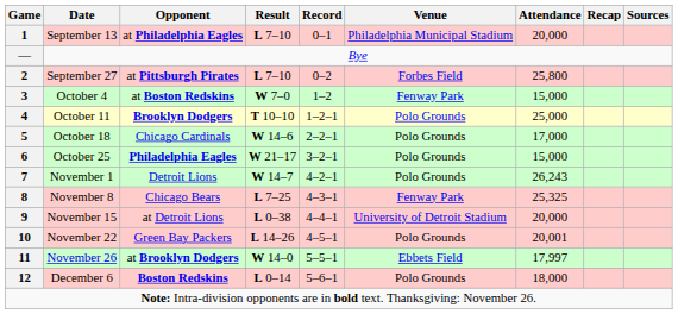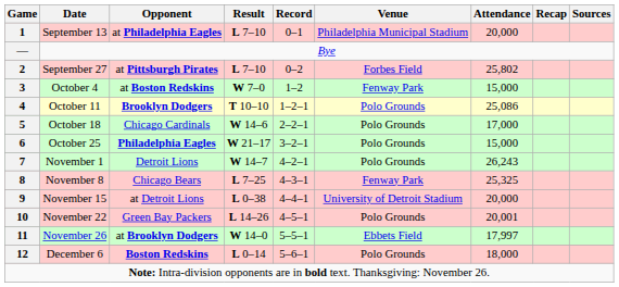 <table class="wikitable" style="text-align:center">
 <tr>
 <th>Game</th>
 <th>Date</th>
 <th>Opponent</th>
 <th>Result</th>
 <th>Record</th>
 <th>Venue</th>
 <th>Attendance</th>
 <th>Recap</th>
 <th>Sources</th>
 </tr>
 <tr style="background:#fcc">
 <th>1</th>
 <td>September 13</td>
 <td>at <strong><a href='#'>Philadelphia Eagles</a></strong></td>
 <td><strong>L</strong> 7–10</td>
 <td>0–1</td>
 <td><a href='#'>Philadelphia Municipal Stadium</a></td>
 <td>20,000</td>
 <td></td>
 <td></td>
 </tr>
 <tr>
 <th>—</th>
 <td colspan="8"><em><a href='#'>Bye</a></em></td>
 </tr>
 <tr style="background:#fcc">
 <th>2</th>
 <td>September 27</td>
 <td>at <strong><a href='#'>Pittsburgh Pirates</a></strong></td>
 <td><strong>L</strong> 7–10</td>
 <td>0–2</td>
 <td><a href='#'>Forbes Field</a></td>
-<td>25,800</td>
+<td>25,802</td>
 <td></td>
 <td></td>
 </tr>
 <tr style="background:#cfc">
 <th>3</th>
 <td>October 4</td>
 <td>at <strong><a href='#'>Boston Redskins</a></strong></td>
 <td><strong>W</strong> 7–0</td>
 <td>1–2</td>
 <td><a href='#'>Fenway Park</a></td>
 <td>15,000</td>
 <td></td>
 <td></td>
 </tr>
 <tr style="background:#ffc">
 <th>4</th>
 <td>October 11</td>
 <td><strong><a href='#'>Brooklyn Dodgers</a></strong></td>
 <td><strong>T</strong> 10–10</td>
 <td>1–2–1</td>
 <td><a href='#'>Polo Grounds</a></td>
-<td>25,000</td>
+<td>25,086</td>
 <td></td>
 <td></td>
 </tr>
 <tr style="background:#cfc">
 <th>5</th>
 <td>October 18</td>
 <td><a href='#'>Chicago Cardinals</a></td>
 <td><strong>W</strong> 14–6</td>
 <td>2–2–1</td>
 <td>Polo Grounds</td>
 <td>17,000</td>
 <td></td>
 <td></td>
 </tr>
 <tr style="background:#cfc">
 <th>6</th>
 <td>October 25</td>
 <td><strong><a href='#'>Philadelphia Eagles</a></strong></td>
 <td><strong>W</strong> 21–17</td>
 <td>3–2–1</td>
 <td>Polo Grounds</td>
 <td>15,000</td>
 <td></td>
 <td></td>
 </tr>
 <tr style="background:#cfc">
 <th>7</th>
 <td>November 1</td>
 <td><a href='#'>Detroit Lions</a></td>
 <td><strong>W</strong> 14–7</td>
 <td>4–2–1</td>
 <td>Polo Grounds</td>
 <td>26,243</td>
 <td></td>
 <td></td>
 </tr>
 <tr style="background:#fcc">
 <th>8</th>
 <td>November 8</td>
 <td><a href='#'>Chicago Bears</a></td>
 <td><strong>L</strong> 7–25</td>
 <td>4–3–1</td>
 <td><a href='#'>Fenway Park</a></td>
 <td>25,325</td>
 <td></td>
 <td></td>
 </tr>
 <tr style="background:#fcc">
 <th>9</th>
 <td>November 15</td>
 <td>at <a href='#'>Detroit Lions</a></td>
 <td><strong>L</strong> 0–38</td>
 <td>4–4–1</td>
 <td><a href='#'>University of Detroit Stadium</a></td>
 <td>20,000</td>
 <td></td>
 <td></td>
 </tr>
 <tr style="background:#fcc">
 <th>10</th>
 <td>November 22</td>
 <td><a href='#'>Green Bay Packers</a></td>
 <td><strong>L</strong> 14–26</td>
 <td>4–5–1</td>
 <td>Polo Grounds</td>
 <td>20,001</td>
 <td></td>
 <td></td>
 </tr>
 <tr style="background:#cfc">
 <th>11</th>
 <td><a href='#'>November 26</a></td>
 <td>at <strong><a href='#'>Brooklyn Dodgers</a></strong></td>
 <td><strong>W</strong> 14–0</td>
 <td>5–5–1</td>
 <td><a href='#'>Ebbets Field</a></td>
 <td>17,997</td>
 <td></td>
 <td></td>
 </tr>
 <tr style="background:#fcc">
 <th>12</th>
 <td>December 6</td>
 <td><strong><a href='#'>Boston Redskins</a></strong></td>
 <td><strong>L</strong> 0–14</td>
 <td>5–6–1</td>
 <td>Polo Grounds</td>
 <td>18,000</td>
 <td></td>
 <td></td>
 </tr>
 <tr>
 <td colspan="10"><strong>Note:</strong> Intra-division opponents are in <strong>bold</strong> text. Thanksgiving: November 26.</td>
 </tr>
 </table>
